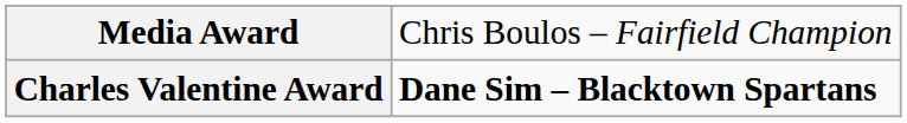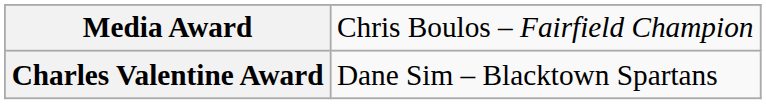 <table class="wikitable">
 <tr>
 <th>Media Award</th>
 <td>Chris Boulos – <em>Fairfield Champion</em></td>
 </tr>
 <tr>
 <th>Charles Valentine Award</th>
-<td><strong>Dane Sim – Blacktown Spartans</strong></td>
+<td>Dane Sim – Blacktown Spartans</td>
 </tr>
 </table>
